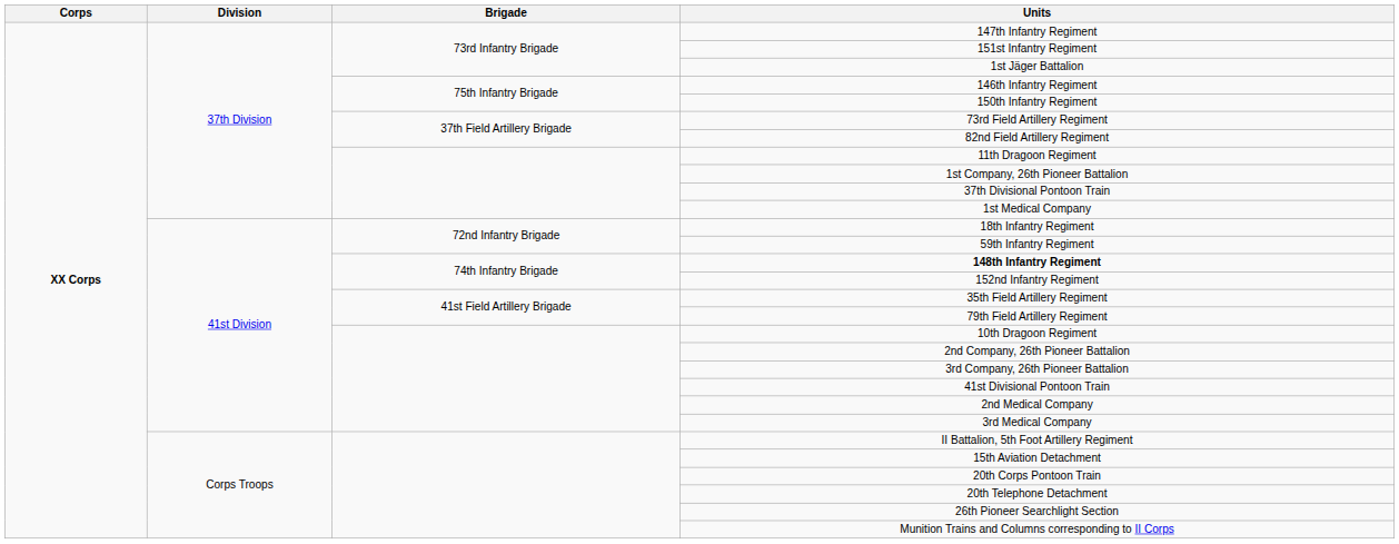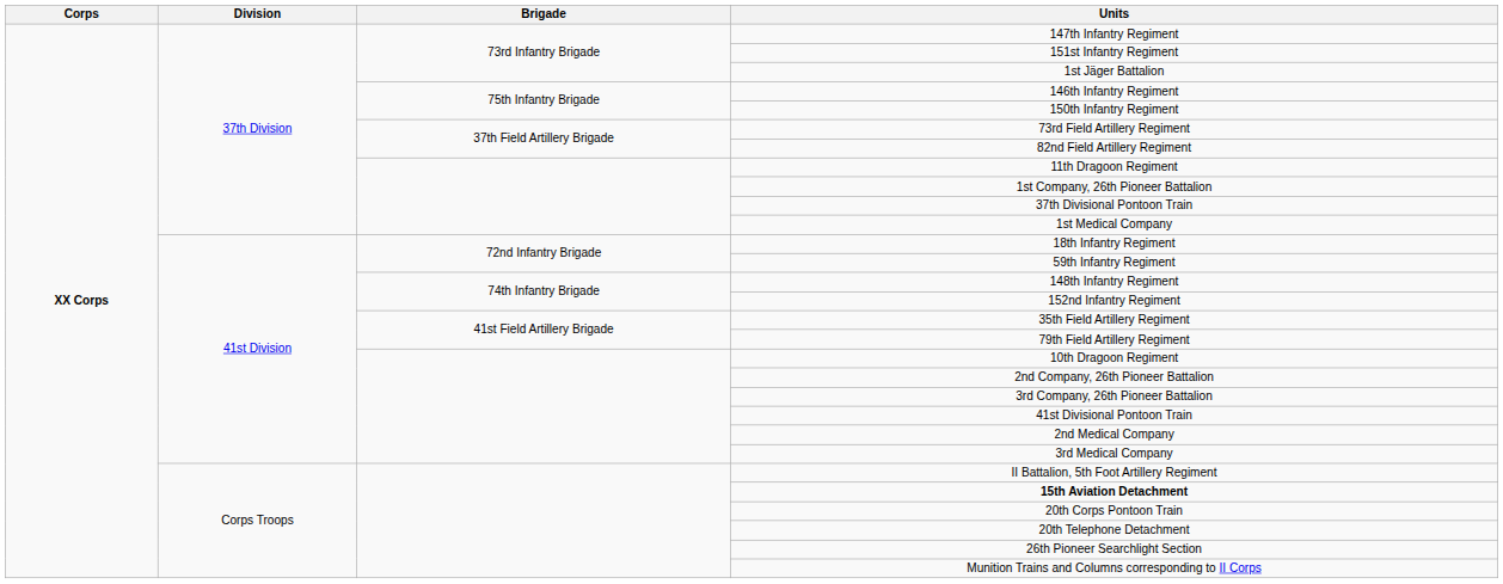 <table class="wikitable collapsible collapsed" style="text-align:center; width:100%;">
 <tr>
 <th>Corps</th>
 <th>Division</th>
 <th>Brigade</th>
 <th>Units</th>
 </tr>
 <tr>
 <td ROWSPAN=29><strong>XX Corps</strong></td>
 <td ROWSPAN=11><a href='#'>37th Division</a></td>
 <td ROWSPAN=3>73rd Infantry Brigade</td>
 <td>147th Infantry Regiment</td>
 </tr>
 <tr>
 <td>151st Infantry Regiment</td>
 </tr>
 <tr>
 <td>1st Jäger Battalion</td>
 </tr>
 <tr>
 <td ROWSPAN=2>75th Infantry Brigade</td>
 <td>146th Infantry Regiment</td>
 </tr>
 <tr>
 <td>150th Infantry Regiment</td>
 </tr>
 <tr>
 <td ROWSPAN=2>37th Field Artillery Brigade</td>
 <td>73rd Field Artillery Regiment</td>
 </tr>
 <tr>
 <td>82nd Field Artillery Regiment</td>
 </tr>
 <tr>
 <td ROWSPAN=4></td>
 <td>11th Dragoon Regiment</td>
 </tr>
 <tr>
 <td>1st Company, 26th Pioneer Battalion</td>
 </tr>
 <tr>
 <td>37th Divisional Pontoon Train</td>
 </tr>
 <tr>
 <td>1st Medical Company</td>
 </tr>
 <tr>
 <td ROWSPAN=12><a href='#'>41st Division</a></td>
 <td ROWSPAN=2>72nd Infantry Brigade</td>
 <td>18th Infantry Regiment</td>
 </tr>
 <tr>
 <td>59th Infantry Regiment</td>
 </tr>
 <tr>
 <td ROWSPAN=2>74th Infantry Brigade</td>
-<td><strong>148th Infantry Regiment</strong></td>
+<td>148th Infantry Regiment</td>
 </tr>
 <tr>
 <td>152nd Infantry Regiment</td>
 </tr>
 <tr>
 <td ROWSPAN=2>41st Field Artillery Brigade</td>
 <td>35th Field Artillery Regiment</td>
 </tr>
 <tr>
 <td>79th Field Artillery Regiment</td>
 </tr>
 <tr>
 <td ROWSPAN=6></td>
 <td>10th Dragoon Regiment</td>
 </tr>
 <tr>
 <td>2nd Company, 26th Pioneer Battalion</td>
 </tr>
 <tr>
 <td>3rd Company, 26th Pioneer Battalion</td>
 </tr>
 <tr>
 <td>41st Divisional Pontoon Train</td>
 </tr>
 <tr>
 <td>2nd Medical Company</td>
 </tr>
 <tr>
 <td>3rd Medical Company</td>
 </tr>
 <tr>
 <td ROWSPAN=6>Corps Troops</td>
 <td ROWSPAN=6></td>
 <td>II Battalion, 5th Foot Artillery Regiment</td>
 </tr>
 <tr>
-<td>15th Aviation Detachment</td>
+<td><strong>15th Aviation Detachment</strong></td>
 </tr>
 <tr>
 <td>20th Corps Pontoon Train</td>
 </tr>
 <tr>
 <td>20th Telephone Detachment</td>
 </tr>
 <tr>
 <td>26th Pioneer Searchlight Section</td>
 </tr>
 <tr>
 <td>Munition Trains and Columns corresponding to <a href='#'>II Corps</a></td>
 </tr>
 </table>
